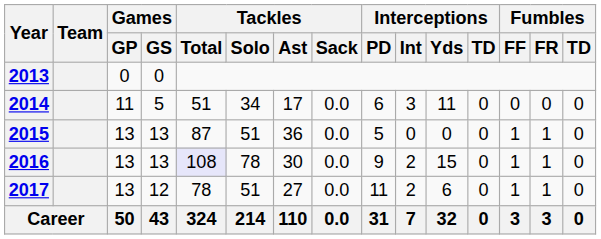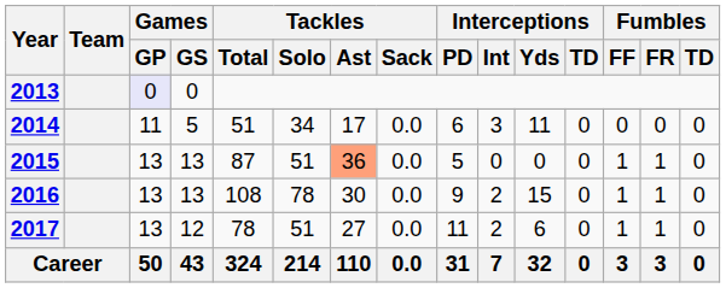 <table class="wikitable" style="text-align:center;">
 <tr>
 <th rowspan="2">Year</th>
 <th rowspan="2">Team</th>
 <th colspan="2">Games</th>
 <th colspan="4">Tackles</th>
 <th colspan="4">Interceptions</th>
 <th colspan="3">Fumbles</th>
 </tr>
 <tr>
 <th>GP</th>
 <th>GS</th>
 <th>Total</th>
 <th>Solo</th>
 <th>Ast</th>
 <th>Sack</th>
 <th>PD</th>
 <th>Int</th>
 <th>Yds</th>
 <th>TD</th>
 <th>FF</th>
 <th>FR</th>
 <th>TD</th>
 </tr>
 <tr>
 <th><a href='#'>2013</a></th>
 <th><a href='#'></a></th>
-<td>0</td>
+<td style="background: lavender;">0</td>
 <td>0</td>
 <td colspan="11"></td>
 </tr>
 <tr>
 <th><a href='#'>2014</a></th>
 <th><a href='#'></a></th>
 <td>11</td>
 <td>5</td>
 <td>51</td>
 <td>34</td>
 <td>17</td>
 <td>0.0</td>
 <td>6</td>
 <td>3</td>
 <td>11</td>
 <td>0</td>
 <td>0</td>
 <td>0</td>
 <td>0</td>
 </tr>
 <tr>
 <th><a href='#'>2015</a></th>
 <th><a href='#'></a></th>
 <td>13</td>
 <td>13</td>
 <td>87</td>
 <td>51</td>
-<td>36</td>
+<td style="background: lightsalmon;">36</td>
 <td>0.0</td>
 <td>5</td>
 <td>0</td>
 <td>0</td>
 <td>0</td>
 <td>1</td>
 <td>1</td>
 <td>0</td>
 </tr>
 <tr>
 <th><a href='#'>2016</a></th>
 <th><a href='#'></a></th>
 <td>13</td>
 <td>13</td>
-<td style="background: lavender;">108</td>
+<td>108</td>
 <td>78</td>
 <td>30</td>
 <td>0.0</td>
 <td>9</td>
 <td>2</td>
 <td>15</td>
 <td>0</td>
 <td>1</td>
 <td>1</td>
 <td>0</td>
 </tr>
 <tr>
 <th><a href='#'>2017</a></th>
 <th><a href='#'></a></th>
 <td>13</td>
 <td>12</td>
 <td>78</td>
 <td>51</td>
 <td>27</td>
 <td>0.0</td>
 <td>11</td>
 <td>2</td>
 <td>6</td>
 <td>0</td>
 <td>1</td>
 <td>1</td>
 <td>0</td>
 </tr>
 <tr>
 <th align=center colspan="2">Career</th>
 <th>50</th>
 <th>43</th>
 <th>324</th>
 <th>214</th>
 <th>110</th>
 <th>0.0</th>
 <th>31</th>
 <th>7</th>
 <th>32</th>
 <th>0</th>
 <th>3</th>
 <th>3</th>
 <th>0</th>
 </tr>
 </table>
